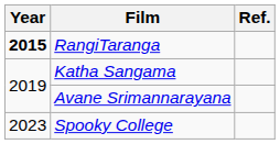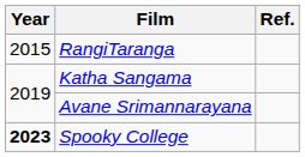 <table class="wikitable sortable">
 <tr>
 <th>Year</th>
 <th>Film</th>
 <th>Ref.</th>
 </tr>
 <tr>
-<td><strong>2015</strong></td>
+<td>2015</td>
 <td><em><a href='#'>RangiTaranga</a></em></td>
 <td><br></td>
 </tr>
 <tr>
 <td rowspan="2">2019</td>
 <td><em><a href='#'>Katha Sangama</a></em></td>
 <td></td>
 </tr>
 <tr>
 <td><em><a href='#'>Avane Srimannarayana</a></em></td>
 <td></td>
 </tr>
 <tr>
-<td>2023</td>
+<td><strong>2023</strong></td>
 <td><em><a href='#'>Spooky College</a></em></td>
 <td></td>
 </tr>
 </table>
